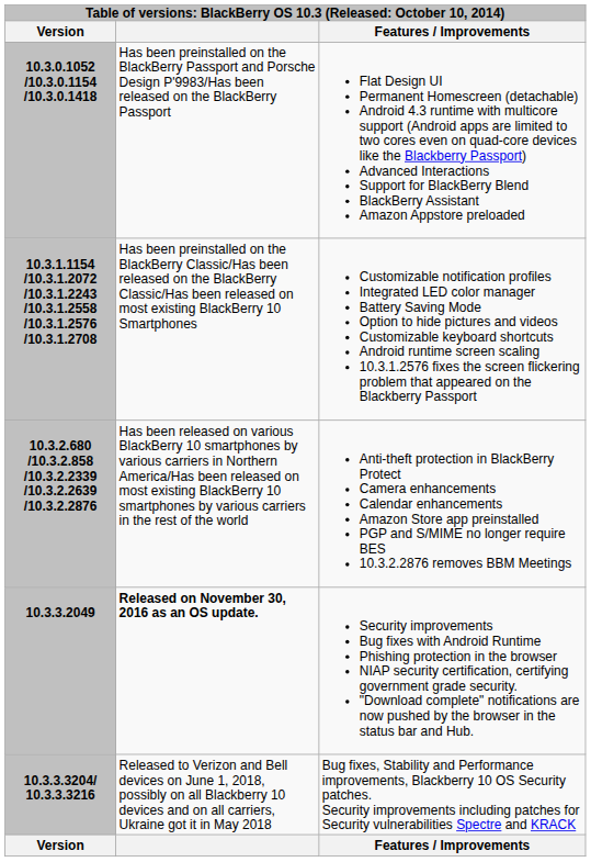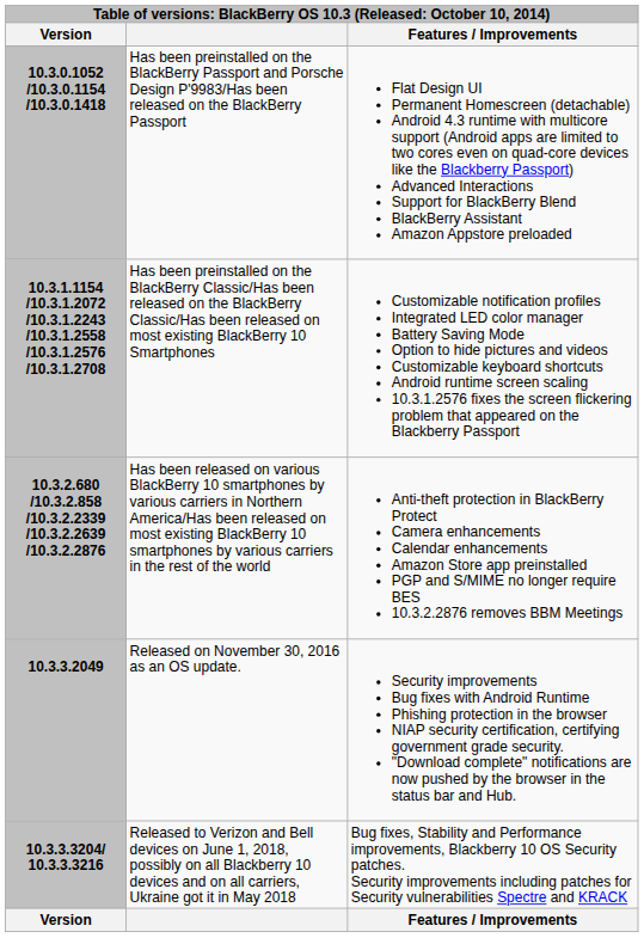 <table class="wikitable collapsible expand" style="width:100%; font-size:88%;">
 <tr>
 <th style="background:silver; padding:0 0.5em;" colspan="5">Table of versions: BlackBerry OS 10.3 (Released: October 10, 2014)</th>
 </tr>
 <tr>
 <th style="width:8em; ">Version</th>
 <th style="width:15em; "></th>
 <th>Features / Improvements</th>
 </tr>
 <tr valign="top">
 <th style="background:silver; white-space:nowrap;"><br>10.3.0.1052<br>/10.3.0.1154<br>/10.3.0.1418</th>
 <td>Has been preinstalled on the BlackBerry Passport and Porsche Design P'9983/Has been released on the BlackBerry Passport</td>
 <td><br><ul><li>Flat Design UI</li><li>Permanent Homescreen (detachable)</li><li>Android 4.3 runtime with multicore support (Android apps are limited to two cores even on quad-core devices like the <a href='#'>Blackberry Passport</a>)</li><li>Advanced Interactions</li><li>Support for BlackBerry Blend</li><li>BlackBerry Assistant</li><li>Amazon Appstore preloaded</li></ul></td>
 </tr>
 <tr valign="top">
 <th style="background:silver; white-space:nowrap;"><br>10.3.1.1154<br>/10.3.1.2072<br>/10.3.1.2243<br>/10.3.1.2558<br>/10.3.1.2576<br>/10.3.1.2708</th>
 <td>Has been preinstalled on the BlackBerry Classic/Has been released on the BlackBerry Classic/Has been released on most existing BlackBerry 10 Smartphones</td>
 <td><br><ul><li>Customizable notification profiles</li><li>Integrated LED color manager</li><li>Battery Saving Mode</li><li>Option to hide pictures and videos</li><li>Customizable keyboard shortcuts</li><li>Android runtime screen scaling</li><li>10.3.1.2576 fixes the screen flickering problem that appeared on the Blackberry Passport</li></ul></td>
 </tr>
 <tr valign="top">
 <th style="background:silver; white-space:nowrap;"><br>10.3.2.680<br>/10.3.2.858<br>/10.3.2.2339<br>/10.3.2.2639<br>/10.3.2.2876</th>
 <td>Has been released on various BlackBerry 10 smartphones by various carriers in Northern America/Has been released on most existing BlackBerry 10 smartphones by various carriers in the rest of the world</td>
 <td><br><ul><li>Anti-theft protection in BlackBerry Protect</li><li>Camera enhancements</li><li>Calendar enhancements</li><li>Amazon Store app preinstalled</li><li>PGP and S/MIME no longer require BES</li><li>10.3.2.2876 removes BBM Meetings</li></ul></td>
 </tr>
 <tr valign="top">
 <th style="background:silver; white-space:nowrap;"><br>10.3.3.2049</th>
-<td><strong>Released on November 30, 2016 as an OS update.</strong></td>
+<td>Released on November 30, 2016 as an OS update.</td>
 <td><br><ul><li>Security improvements</li><li>Bug fixes with Android Runtime</li><li>Phishing protection in the browser</li><li>NIAP security certification, certifying government grade security.</li><li>"Download complete" notifications are now pushed by the browser in the status bar and Hub.</li></ul></td>
 </tr>
 <tr valign="top">
 <th style="background:silver; white-space:nowrap;"><br>10.3.3.3204/<br>10.3.3.3216 </th>
 <td>Released to Verizon and Bell devices on June 1, 2018, possibly on all Blackberry 10 devices and on all carriers, Ukraine got it in May 2018</td>
 <td>Bug fixes, Stability and Performance improvements, Blackberry 10 OS Security patches.<br>Security improvements including patches for Security vulnerabilities <a href='#'>Spectre</a> and <a href='#'>KRACK</a></td>
 </tr>
 <tr class="sortbottom">
 <th style="width:8em; ">Version</th>
 <th style="width:15em; "></th>
 <th>Features / Improvements</th>
 </tr>
 </table>
